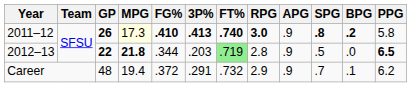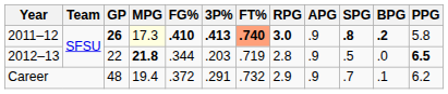 <table class="wikitable sortable">
 <tr>
 <th>Year</th>
 <th>Team</th>
 <th>GP</th>
 <th>MPG</th>
 <th>FG%</th>
 <th>3P%</th>
 <th>FT%</th>
 <th>RPG</th>
 <th>APG</th>
 <th>SPG</th>
 <th>BPG</th>
 <th>PPG</th>
 </tr>
 <tr>
 <td>2011–12</td>
 <td rowspan="2"><a href='#'>SFSU</a></td>
 <td><strong>26</strong></td>
 <td style="background: lightyellow;">17.3</td>
 <td><strong>.410</strong></td>
 <td><strong>.413</strong></td>
-<td><strong>.740</strong></td>
+<td style="background: lightsalmon;"><strong>.740</strong></td>
 <td><strong>3.0</strong></td>
 <td>.9</td>
 <td><strong>.8</strong></td>
 <td><strong>.2</strong></td>
 <td>5.8</td>
 </tr>
 <tr>
 <td>2012–13</td>
-<td><strong>22</strong></td>
+<td>22</td>
 <td><strong>21.8</strong></td>
 <td>.344</td>
 <td>.203</td>
-<td style="background: lightgreen;">.719</td>
+<td>.719</td>
 <td>2.8</td>
 <td>.9</td>
 <td>.5</td>
 <td>.0</td>
 <td><strong>6.5</strong></td>
 </tr>
 <tr>
 <td colspan="2">Career</td>
 <td>48</td>
 <td>19.4</td>
 <td>.372</td>
 <td>.291</td>
 <td>.732</td>
 <td>2.9</td>
 <td>.9</td>
 <td>.7</td>
 <td>.1</td>
 <td>6.2</td>
 </tr>
 </table>
